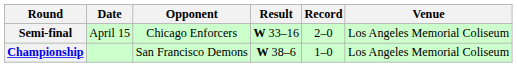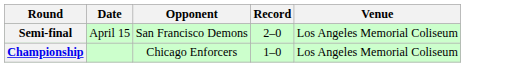 <table class="wikitable" style="text-align:center">
 <tr>
 <th>Round</th>
 <th>Date</th>
 <th>Opponent</th>
-<th>Result</th>
 <th>Record</th>
 <th>Venue</th>
 </tr>
 <tr style="background:#cfc">
 <th>Semi-final</th>
 <td>April 15</td>
-<td>Chicago Enforcers</td>
-<td><strong>W</strong> 33–16</td>
+<td>San Francisco Demons</td>
 <td>2–0</td>
 <td>Los Angeles Memorial Coliseum</td>
 </tr>
 <tr style="background:#cfc">
 <th><a href='#'>Championship</a></th>
 <td></td>
-<td>San Francisco Demons</td>
-<td><strong>W</strong> 38–6</td>
+<td>Chicago Enforcers</td>
 <td>1–0</td>
 <td>Los Angeles Memorial Coliseum</td>
 </tr>
 </table>
